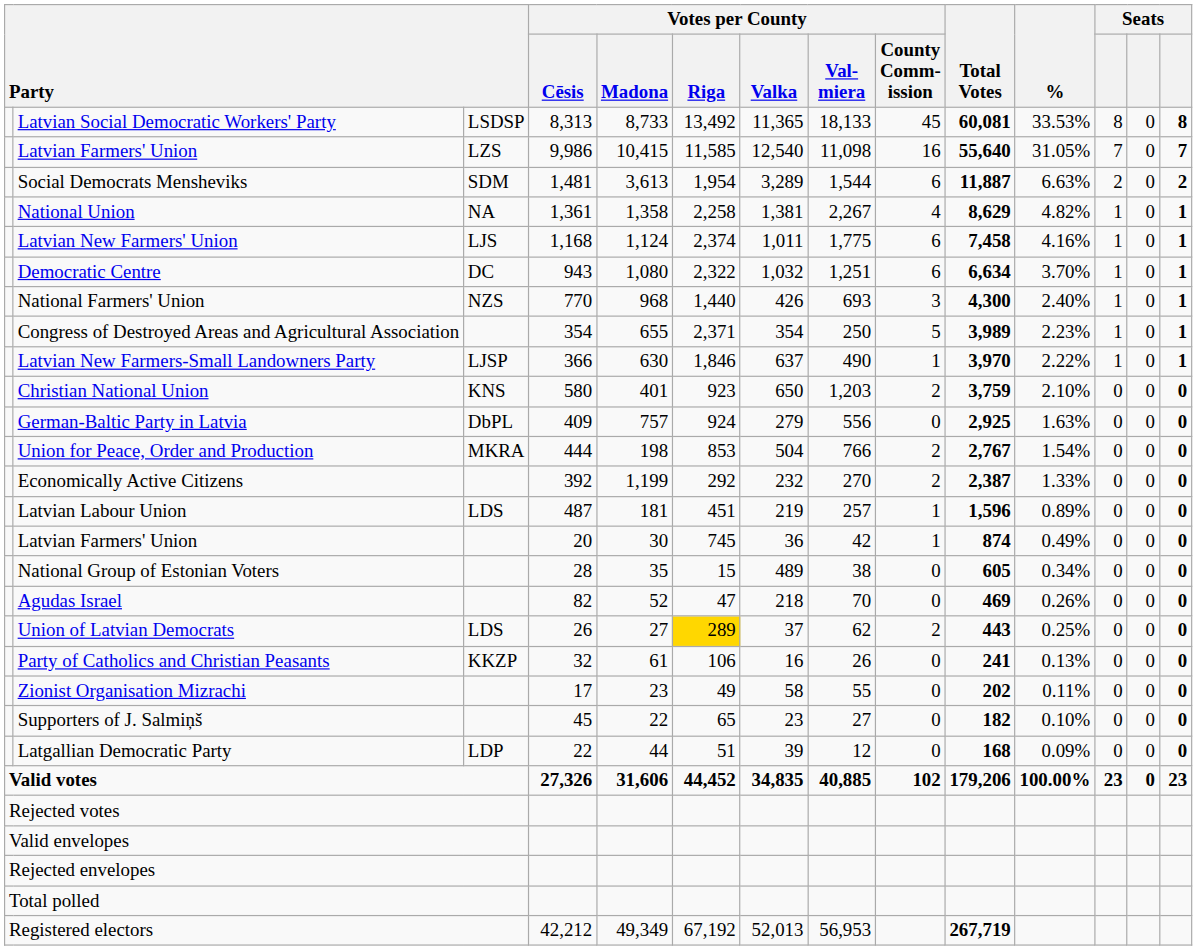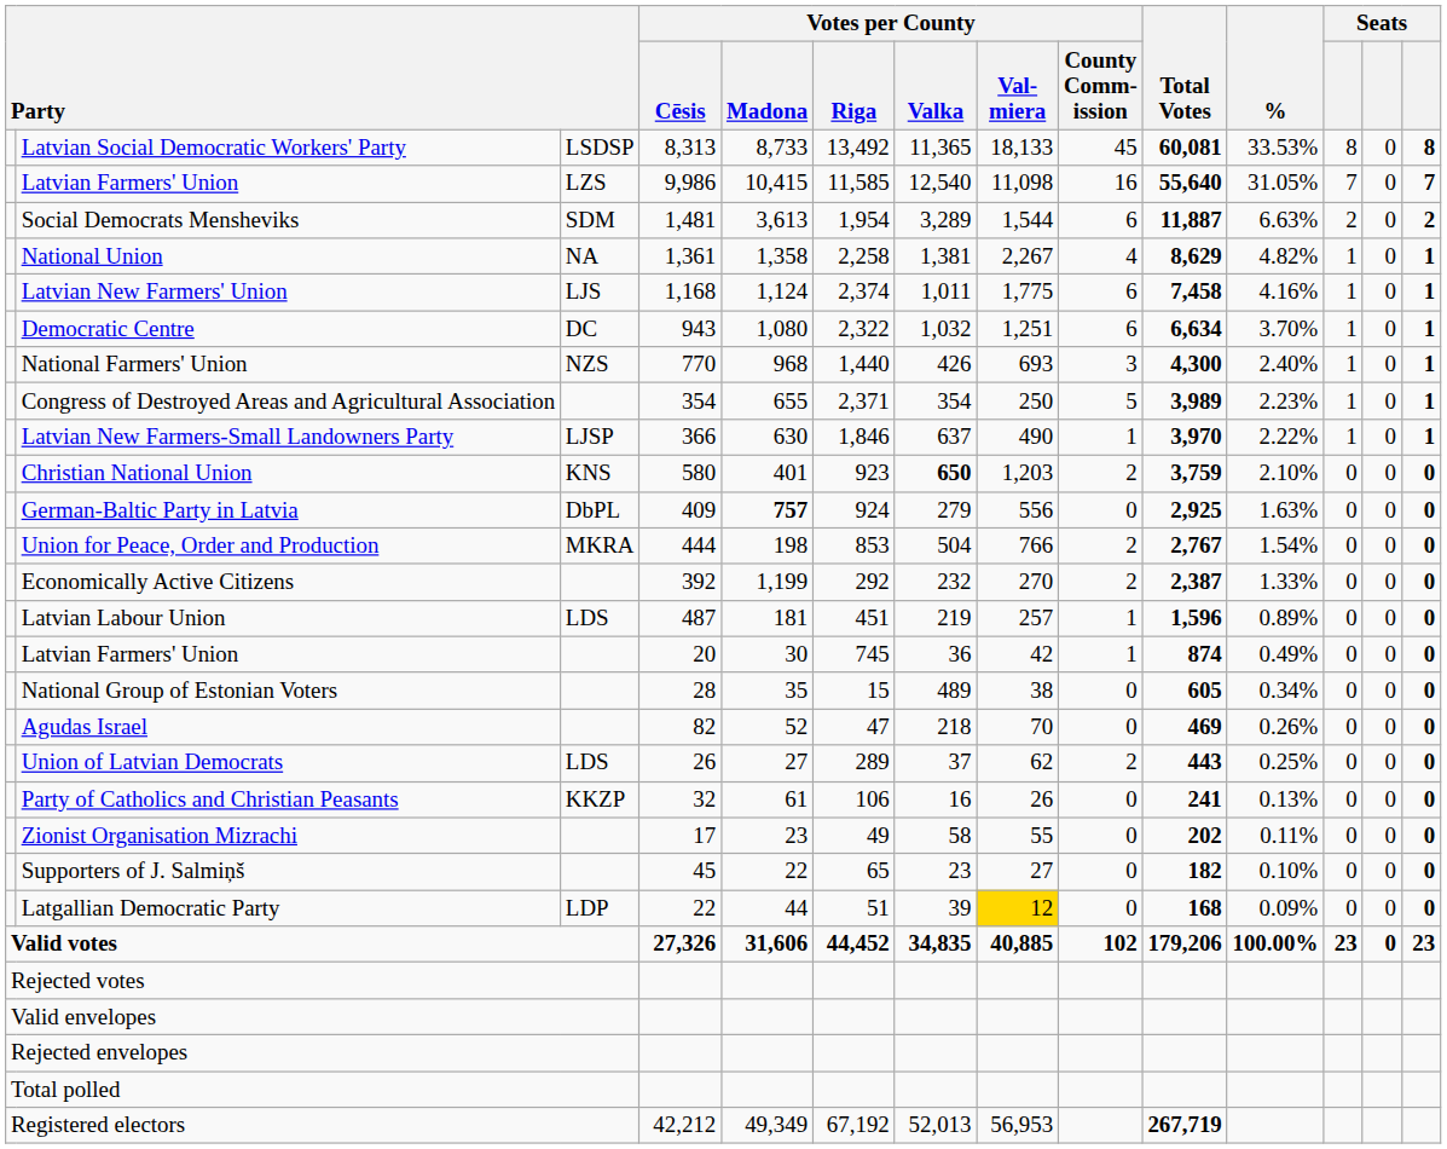 <table class="wikitable" border="1" style="text-align:right;">
 <tr>
 <th style="text-align:left;" valign=bottom rowspan=2 colspan=3>Party</th>
 <th colspan=6>Votes per County</th>
 <th align=center valign=bottom rowspan=2 width="50">Total Votes</th>
 <th align=center valign=bottom rowspan=2 width="50">%</th>
 <th colspan=3>Seats</th>
 </tr>
 <tr>
 <th align=center valign=bottom width="50"><a href='#'>Cēsis</a></th>
 <th align=center valign=bottom width="50"><a href='#'>Madona</a></th>
 <th align=center valign=bottom width="50"><a href='#'>Riga</a></th>
 <th align=center valign=bottom width="50"><a href='#'>Valka</a></th>
 <th align=center valign=bottom width="50"><a href='#'>Val- miera</a></th>
 <th align=center valign=bottom width="50">County Comm- ission</th>
 <th align=center valign=bottom width="20"><small></small></th>
 <th align=center valign=bottom width="20"><small><a href='#'></a></small></th>
 <th align=center valign=bottom width="20"><small></small></th>
 </tr>
 <tr>
 <td></td>
 <td align=left style="white-space: nowrap;"><a href='#'>Latvian Social Democratic Workers' Party</a></td>
 <td align=left>LSDSP</td>
 <td>8,313</td>
 <td>8,733</td>
 <td>13,492</td>
 <td>11,365</td>
 <td>18,133</td>
 <td>45</td>
 <td><strong>60,081</strong></td>
 <td>33.53%</td>
 <td>8</td>
 <td>0</td>
 <td><strong>8</strong></td>
 </tr>
 <tr>
 <td></td>
 <td align=left><a href='#'>Latvian Farmers' Union</a></td>
 <td align=left>LZS</td>
 <td>9,986</td>
 <td>10,415</td>
 <td>11,585</td>
 <td>12,540</td>
 <td>11,098</td>
 <td>16</td>
 <td><strong>55,640</strong></td>
 <td>31.05%</td>
 <td>7</td>
 <td>0</td>
 <td><strong>7</strong></td>
 </tr>
 <tr>
 <td></td>
 <td align=left>Social Democrats Mensheviks</td>
 <td align=left>SDM</td>
 <td>1,481</td>
 <td>3,613</td>
 <td>1,954</td>
 <td>3,289</td>
 <td>1,544</td>
 <td>6</td>
 <td><strong>11,887</strong></td>
 <td>6.63%</td>
 <td>2</td>
 <td>0</td>
 <td><strong>2</strong></td>
 </tr>
 <tr>
 <td></td>
 <td align=left><a href='#'>National Union</a></td>
 <td align=left>NA</td>
 <td>1,361</td>
 <td>1,358</td>
 <td>2,258</td>
 <td>1,381</td>
 <td>2,267</td>
 <td>4</td>
 <td><strong>8,629</strong></td>
 <td>4.82%</td>
 <td>1</td>
 <td>0</td>
 <td><strong>1</strong></td>
 </tr>
 <tr>
 <td></td>
 <td align=left><a href='#'>Latvian New Farmers' Union</a></td>
 <td align=left>LJS</td>
 <td>1,168</td>
 <td>1,124</td>
 <td>2,374</td>
 <td>1,011</td>
 <td>1,775</td>
 <td>6</td>
 <td><strong>7,458</strong></td>
 <td>4.16%</td>
 <td>1</td>
 <td>0</td>
 <td><strong>1</strong></td>
 </tr>
 <tr>
 <td></td>
 <td align=left><a href='#'>Democratic Centre</a></td>
 <td align=left>DC</td>
 <td>943</td>
 <td>1,080</td>
 <td>2,322</td>
 <td>1,032</td>
 <td>1,251</td>
 <td>6</td>
 <td><strong>6,634</strong></td>
 <td>3.70%</td>
 <td>1</td>
 <td>0</td>
 <td><strong>1</strong></td>
 </tr>
 <tr>
 <td></td>
 <td align=left>National Farmers' Union</td>
 <td align=left>NZS</td>
 <td>770</td>
 <td>968</td>
 <td>1,440</td>
 <td>426</td>
 <td>693</td>
 <td>3</td>
 <td><strong>4,300</strong></td>
 <td>2.40%</td>
 <td>1</td>
 <td>0</td>
 <td><strong>1</strong></td>
 </tr>
 <tr>
 <td></td>
 <td align=left>Congress of Destroyed Areas and Agricultural Association</td>
 <td align=left></td>
 <td>354</td>
 <td>655</td>
 <td>2,371</td>
 <td>354</td>
 <td>250</td>
 <td>5</td>
 <td><strong>3,989</strong></td>
 <td>2.23%</td>
 <td>1</td>
 <td>0</td>
 <td><strong>1</strong></td>
 </tr>
 <tr>
 <td></td>
 <td align=left><a href='#'>Latvian New Farmers-Small Landowners Party</a></td>
 <td align=left>LJSP</td>
 <td>366</td>
 <td>630</td>
 <td>1,846</td>
 <td>637</td>
 <td>490</td>
 <td>1</td>
 <td><strong>3,970</strong></td>
 <td>2.22%</td>
 <td>1</td>
 <td>0</td>
 <td><strong>1</strong></td>
 </tr>
 <tr>
 <td></td>
 <td align=left><a href='#'>Christian National Union</a></td>
 <td align=left>KNS</td>
 <td>580</td>
 <td>401</td>
 <td>923</td>
-<td>650</td>
+<td><strong>650</strong></td>
 <td>1,203</td>
 <td>2</td>
 <td><strong>3,759</strong></td>
 <td>2.10%</td>
 <td>0</td>
 <td>0</td>
 <td><strong>0</strong></td>
 </tr>
 <tr>
 <td></td>
 <td align=left><a href='#'>German-Baltic Party in Latvia</a></td>
 <td align=left>DbPL</td>
 <td>409</td>
-<td>757</td>
+<td><strong>757</strong></td>
 <td>924</td>
 <td>279</td>
 <td>556</td>
 <td>0</td>
 <td><strong>2,925</strong></td>
 <td>1.63%</td>
 <td>0</td>
 <td>0</td>
 <td><strong>0</strong></td>
 </tr>
 <tr>
 <td></td>
 <td align=left><a href='#'>Union for Peace, Order and Production</a></td>
 <td align=left>MKRA</td>
 <td>444</td>
 <td>198</td>
 <td>853</td>
 <td>504</td>
 <td>766</td>
 <td>2</td>
 <td><strong>2,767</strong></td>
 <td>1.54%</td>
 <td>0</td>
 <td>0</td>
 <td><strong>0</strong></td>
 </tr>
 <tr>
 <td></td>
 <td align=left>Economically Active Citizens</td>
 <td align=left></td>
 <td>392</td>
 <td>1,199</td>
 <td>292</td>
 <td>232</td>
 <td>270</td>
 <td>2</td>
 <td><strong>2,387</strong></td>
 <td>1.33%</td>
 <td>0</td>
 <td>0</td>
 <td><strong>0</strong></td>
 </tr>
 <tr>
 <td></td>
 <td align=left>Latvian Labour Union</td>
 <td align=left>LDS</td>
 <td>487</td>
 <td>181</td>
 <td>451</td>
 <td>219</td>
 <td>257</td>
 <td>1</td>
 <td><strong>1,596</strong></td>
 <td>0.89%</td>
 <td>0</td>
 <td>0</td>
 <td><strong>0</strong></td>
 </tr>
 <tr>
 <td></td>
 <td align=left>Latvian Farmers' Union</td>
 <td align=left></td>
 <td>20</td>
 <td>30</td>
 <td>745</td>
 <td>36</td>
 <td>42</td>
 <td>1</td>
 <td><strong>874</strong></td>
 <td>0.49%</td>
 <td>0</td>
 <td>0</td>
 <td><strong>0</strong></td>
 </tr>
 <tr>
 <td></td>
 <td align=left>National Group of Estonian Voters</td>
 <td align=left></td>
 <td>28</td>
 <td>35</td>
 <td>15</td>
 <td>489</td>
 <td>38</td>
 <td>0</td>
 <td><strong>605</strong></td>
 <td>0.34%</td>
 <td>0</td>
 <td>0</td>
 <td><strong>0</strong></td>
 </tr>
 <tr>
 <td></td>
 <td align=left><a href='#'>Agudas Israel</a></td>
 <td align=left></td>
 <td>82</td>
 <td>52</td>
 <td>47</td>
 <td>218</td>
 <td>70</td>
 <td>0</td>
 <td><strong>469</strong></td>
 <td>0.26%</td>
 <td>0</td>
 <td>0</td>
 <td><strong>0</strong></td>
 </tr>
 <tr>
 <td></td>
 <td align=left><a href='#'>Union of Latvian Democrats</a></td>
 <td align=left>LDS</td>
 <td>26</td>
 <td>27</td>
-<td style="background: gold;">289</td>
+<td>289</td>
 <td>37</td>
 <td>62</td>
 <td>2</td>
 <td><strong>443</strong></td>
 <td>0.25%</td>
 <td>0</td>
 <td>0</td>
 <td><strong>0</strong></td>
 </tr>
 <tr>
 <td></td>
 <td align=left><a href='#'>Party of Catholics and Christian Peasants</a></td>
 <td align=left>KKZP</td>
 <td>32</td>
 <td>61</td>
 <td>106</td>
 <td>16</td>
 <td>26</td>
 <td>0</td>
 <td><strong>241</strong></td>
 <td>0.13%</td>
 <td>0</td>
 <td>0</td>
 <td><strong>0</strong></td>
 </tr>
 <tr>
 <td></td>
 <td align=left><a href='#'>Zionist Organisation Mizrachi</a></td>
 <td align=left></td>
 <td>17</td>
 <td>23</td>
 <td>49</td>
 <td>58</td>
 <td>55</td>
 <td>0</td>
 <td><strong>202</strong></td>
 <td>0.11%</td>
 <td>0</td>
 <td>0</td>
 <td><strong>0</strong></td>
 </tr>
 <tr>
 <td></td>
 <td align=left>Supporters of J. Salmiņš</td>
 <td align=left></td>
 <td>45</td>
 <td>22</td>
 <td>65</td>
 <td>23</td>
 <td>27</td>
 <td>0</td>
 <td><strong>182</strong></td>
 <td>0.10%</td>
 <td>0</td>
 <td>0</td>
 <td><strong>0</strong></td>
 </tr>
 <tr>
 <td></td>
 <td align=left>Latgallian Democratic Party</td>
 <td align=left>LDP</td>
 <td>22</td>
 <td>44</td>
 <td>51</td>
 <td>39</td>
-<td>12</td>
+<td style="background: gold;">12</td>
 <td>0</td>
 <td><strong>168</strong></td>
 <td>0.09%</td>
 <td>0</td>
 <td>0</td>
 <td><strong>0</strong></td>
 </tr>
 <tr style="font-weight:bold">
 <td align=left colspan=3>Valid votes</td>
 <td>27,326</td>
 <td>31,606</td>
 <td>44,452</td>
 <td>34,835</td>
 <td>40,885</td>
 <td>102</td>
 <td>179,206</td>
 <td>100.00%</td>
 <td>23</td>
 <td>0</td>
 <td>23</td>
 </tr>
 <tr>
 <td align=left colspan=3>Rejected votes</td>
 <td></td>
 <td></td>
 <td></td>
 <td></td>
 <td></td>
 <td></td>
 <td></td>
 <td></td>
 <td></td>
 <td></td>
 <td></td>
 </tr>
 <tr>
 <td align=left colspan=3>Valid envelopes</td>
 <td></td>
 <td></td>
 <td></td>
 <td></td>
 <td></td>
 <td></td>
 <td></td>
 <td></td>
 <td></td>
 <td></td>
 <td></td>
 </tr>
 <tr>
 <td align=left colspan=3>Rejected envelopes</td>
 <td></td>
 <td></td>
 <td></td>
 <td></td>
 <td></td>
 <td></td>
 <td></td>
 <td></td>
 <td></td>
 <td></td>
 <td></td>
 </tr>
 <tr>
 <td align=left colspan=3>Total polled</td>
 <td></td>
 <td></td>
 <td></td>
 <td></td>
 <td></td>
 <td></td>
 <td></td>
 <td></td>
 <td></td>
 <td></td>
 <td></td>
 </tr>
 <tr>
 <td align=left colspan=3>Registered electors</td>
 <td>42,212</td>
 <td>49,349</td>
 <td>67,192</td>
 <td>52,013</td>
 <td>56,953</td>
 <td></td>
 <td><strong>267,719</strong></td>
 <td></td>
 <td></td>
 <td></td>
 <td></td>
 </tr>
 </table>
